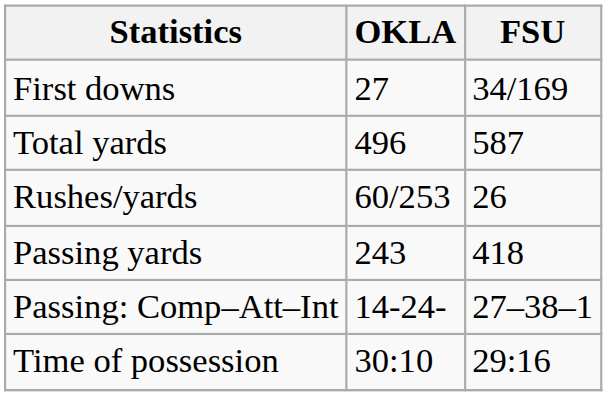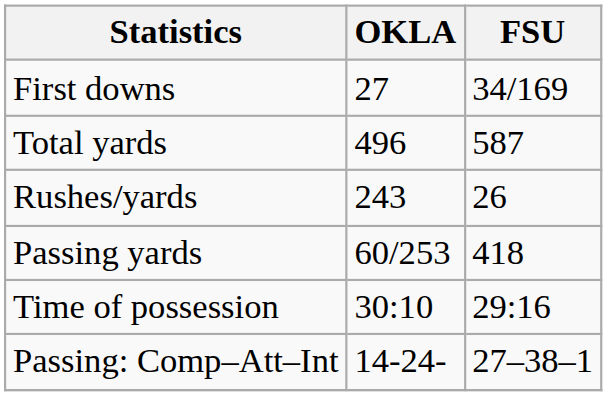 <table class="wikitable" style="float: left;">
 <tr>
 <th>Statistics</th>
 <th>OKLA</th>
 <th>FSU</th>
 </tr>
 <tr>
 <td>First downs</td>
 <td>27</td>
 <td>34/169</td>
 </tr>
 <tr>
 <td>Total yards</td>
 <td>496</td>
 <td>587</td>
 </tr>
 <tr>
 <td>Rushes/yards</td>
-<td>60/253</td>
+<td>243</td>
 <td>26</td>
 </tr>
 <tr>
 <td>Passing yards</td>
-<td>243</td>
+<td>60/253</td>
 <td>418</td>
+</tr>
+<tr>
+<td>Time of possession</td>
+<td>30:10</td>
+<td>29:16</td>
 </tr>
 <tr>
 <td>Passing: Comp–Att–Int</td>
 <td>14-24-</td>
 <td>27–38–1</td>
 </tr>
 <tr>
-<td>Time of possession</td>
-<td>30:10</td>
-<td>29:16</td>
-</tr>
-<tr>
 </tr>
 </table>
